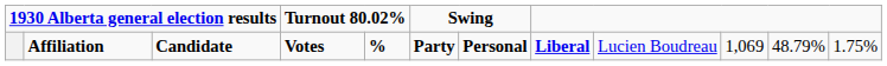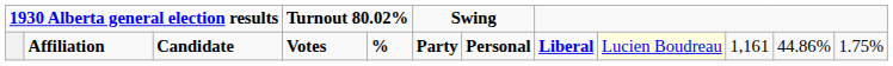 <table class="wikitable">
 <tr>
 <td colspan="3" align=center><strong><a href='#'>1930 Alberta general election</a> results</strong></td>
 <td colspan="2"><strong>Turnout 80.02%</strong></td>
 <td colspan="2" align=center><strong>Swing</strong></td>
 </tr>
 <tr>
 <th style="width: 10px;"></th>
 <td><strong>Affiliation</strong></td>
 <td><strong>Candidate</strong></td>
 <td><strong>Votes</strong></td>
 <td><strong>%</strong></td>
 <td><strong>Party</strong></td>
 <td><strong>Personal</strong><br> </td>
 <td><strong><a href='#'>Liberal</a></strong></td>
-<td><a href='#'>Lucien Boudreau</a></td>
-<td>1,069</td>
-<td>48.79%</td>
+<td style="background: lightyellow;"><a href='#'>Lucien Boudreau</a></td>
+<td>1,161</td>
+<td>44.86%</td>
 <td colspan=2 align=center>1.75%<br>   </td>
 </tr>
 </table>
